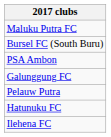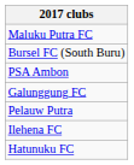 <table class="wikitable">
 <tr>
 <th><strong>2017 clubs</strong></th>
 </tr>
 <tr>
 <td><a href='#'>Maluku Putra FC</a></td>
 </tr>
 <tr>
 <td><a href='#'>Bursel FC</a> (South Buru)</td>
 </tr>
 <tr>
 <td><a href='#'>PSA Ambon</a></td>
 </tr>
 <tr>
 <td><a href='#'>Galunggung FC</a></td>
 </tr>
 <tr>
 <td><a href='#'>Pelauw Putra</a></td>
 </tr>
 <tr>
+<td><a href='#'>Ilehena FC</a></td>
+</tr>
+<tr>
 <td><a href='#'>Hatunuku FC</a></td>
 </tr>
-<tr>
-<td><a href='#'>Ilehena FC</a></td>
-</tr>
 </table>
